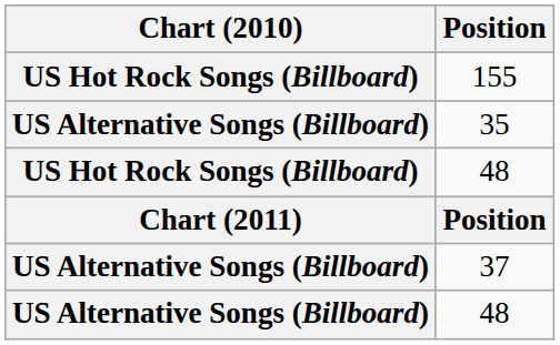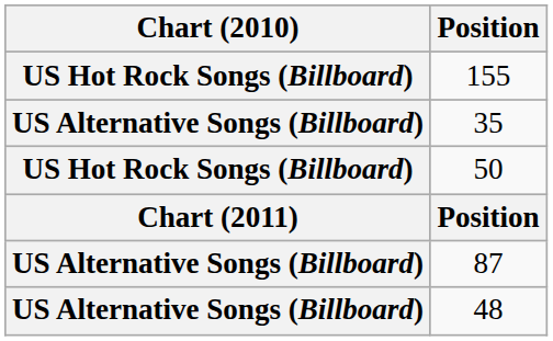 <table class="wikitable sortable plainrowheaders" style="text-align:center">
 <tr>
 <th scope="col">Chart (2010)</th>
 <th scope="col">Position</th>
 </tr>
 <tr>
 <th scope="row">US Hot Rock Songs (<em>Billboard</em>)</th>
 <td>155</td>
 </tr>
 <tr>
 <th scope="row">US Alternative Songs (<em>Billboard</em>)</th>
 <td>35</td>
 </tr>
 <tr>
 <th scope="row">US Hot Rock Songs (<em>Billboard</em>)</th>
-<td>48</td>
+<td>50</td>
 </tr>
 <tr>
 <th scope="col">Chart (2011)</th>
 <th scope="col">Position</th>
 </tr>
 <tr>
 <th scope="row">US Alternative Songs (<em>Billboard</em>)</th>
-<td>37</td>
+<td>87</td>
 </tr>
 <tr>
 <th scope="row">US Alternative Songs (<em>Billboard</em>)</th>
 <td>48</td>
 </tr>
 </table>
